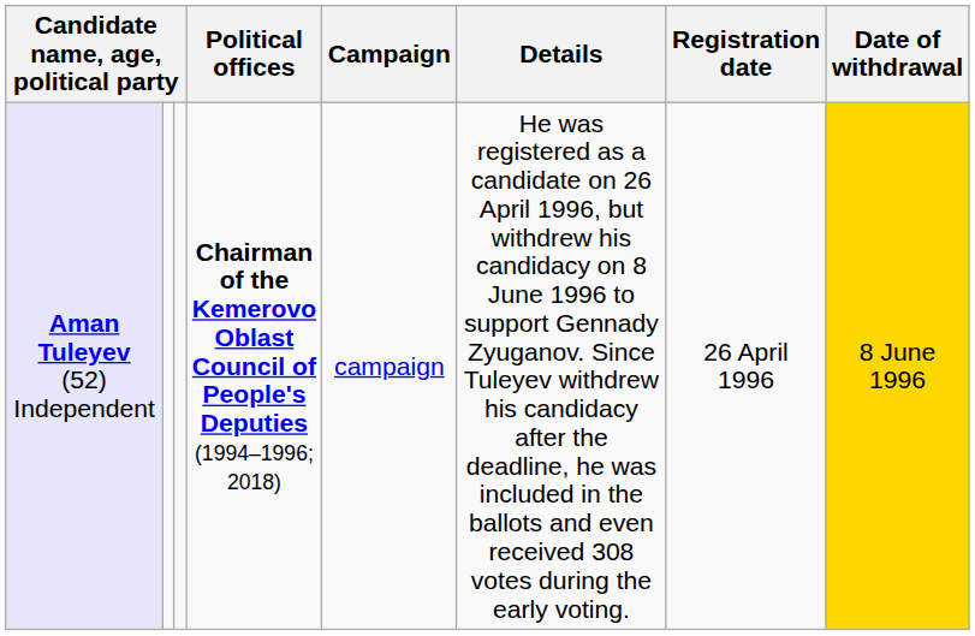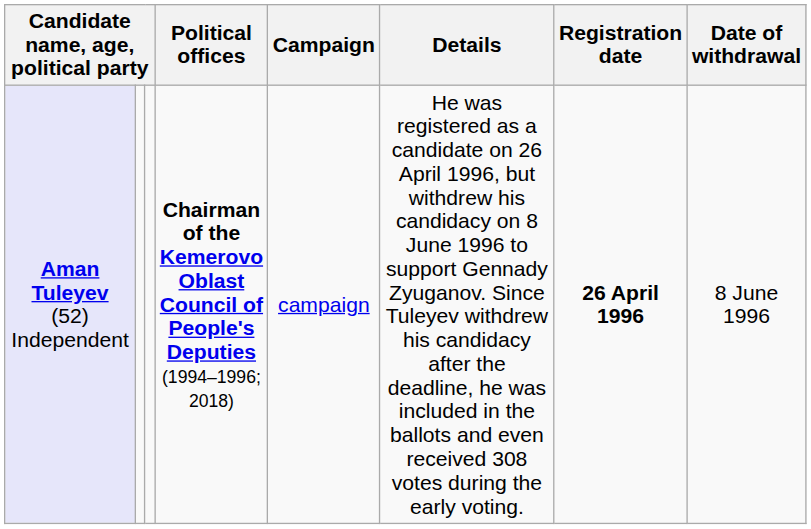 <table class="wikitable" style="text-align:center;">
 <tr>
 <th colspan="3" style="width:20%;">Candidate name, age,<br>political party</th>
 <th>Political offices</th>
 <th>Campaign</th>
 <th style="width:48%;">Details</th>
 <th>Registration date</th>
 <th>Date of withdrawal</th>
 </tr>
 <tr>
 <td style="background:lavender;"><strong><a href='#'>Aman Tuleyev</a></strong><br>(52)<br>Independent</td>
 <td></td>
 <td style="background-color:"></td>
 <td><strong>Chairman of the <a href='#'>Kemerovo Oblast Council of People's Deputies</a></strong><br><small>(1994–1996; 2018)</small></td>
 <td><a href='#'>campaign</a></td>
 <td>He was registered as a candidate on 26 April 1996, but withdrew his candidacy on 8 June 1996 to support Gennady Zyuganov. Since Tuleyev withdrew his candidacy after the deadline, he was included in the ballots and even received 308 votes during the early voting.</td>
-<td>26 April 1996</td>
-<td style="background: gold;">8 June 1996</td>
+<td><strong>26 April 1996</strong></td>
+<td>8 June 1996</td>
 </tr>
 </table>
